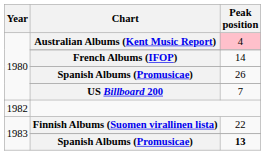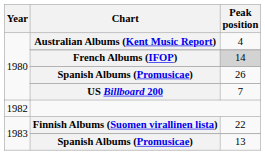 <table class="wikitable sortable plainrowheaders" style="text-align:center">
 <tr>
 <th>Year</th>
 <th>Chart</th>
 <th>Peak<br>position</th>
 </tr>
 <tr>
 <td rowspan="8">1980</td>
 <th scope="row">Australian Albums (<a href='#'>Kent Music Report</a>)</th>
-<td style="background: pink;">4</td>
+<td>4</td>
 </tr>
 <tr>
 </tr>
 <tr>
 <th scope="row">French Albums (<a href='#'>IFOP</a>)</th>
-<td>14</td>
+<td style="background: lightgrey;">14</td>
 </tr>
 <tr>
 </tr>
 <tr>
 <th scope="row">Spanish Albums (<a href='#'>Promusicae</a>)</th>
 <td>26</td>
 </tr>
 <tr>
 </tr>
 <tr>
 </tr>
 <tr>
 <th scope="row">US <a href='#'><em>Billboard</em> 200</a></th>
 <td>7</td>
 </tr>
 <tr>
 <td rowspan="2">1982<br></td>
 </tr>
 <tr>
 </tr>
 <tr>
 <td rowspan="3">1983</td>
 <th scope="row">Finnish Albums (<a href='#'>Suomen virallinen lista</a>)</th>
 <td>22</td>
 </tr>
 <tr>
 </tr>
 <tr>
 <th scope="row">Spanish Albums (<a href='#'>Promusicae</a>)</th>
-<td><strong>13</strong></td>
+<td>13</td>
 </tr>
 </table>
